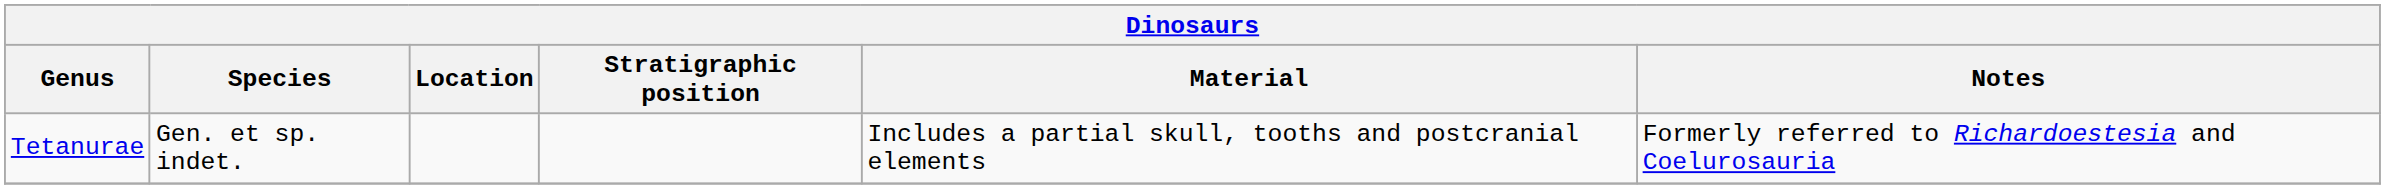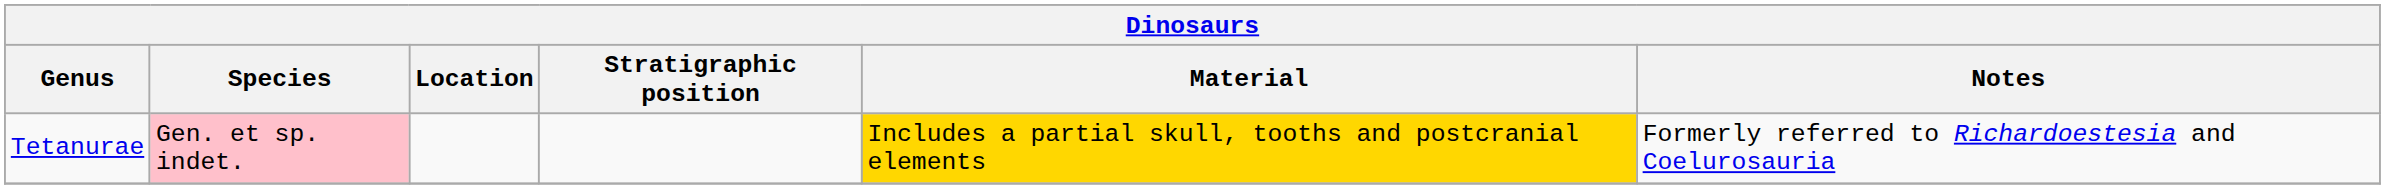 <table class="wikitable">
 <tr>
 <th colspan="7" align="center"><strong><a href='#'>Dinosaurs</a></strong></th>
 </tr>
 <tr>
 <th>Genus</th>
 <th>Species</th>
 <th>Location</th>
 <th>Stratigraphic position</th>
 <th>Material</th>
 <th>Notes</th>
 </tr>
 <tr>
 <td><a href='#'>Tetanurae</a></td>
-<td>Gen. et sp. indet.</td>
+<td style="background: pink;">Gen. et sp. indet.</td>
 <td></td>
 <td></td>
-<td>Includes a partial skull, tooths and postcranial elements</td>
+<td style="background: gold;">Includes a partial skull, tooths and postcranial elements</td>
 <td>Formerly referred to <em><a href='#'>Richardoestesia</a></em> and <a href='#'>Coelurosauria</a></td>
 </tr>
 <tr>
 </tr>
 </table>
